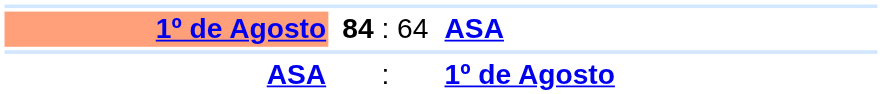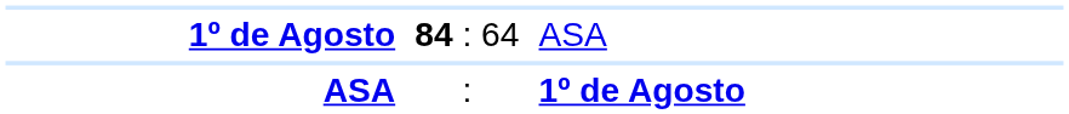 <table style="text-align:center" width=500>
 <tr>
 <th width=30%></th>
 <th width=10%></th>
 <th width=30%></th>
 <th width=10%></th>
 </tr>
 <tr align="left" bgcolor=#D0E7FF>
 <td colspan=4></td>
 </tr>
 <tr>
-<td align="right" style="background: lightsalmon;"><strong><a href='#'>1º de Agosto</a></strong></td>
+<td align="right"><strong><a href='#'>1º de Agosto</a></strong></td>
 <td><strong>84</strong> : 64</td>
-<td align=left><strong><a href='#'>ASA</a></strong></td>
+<td align=left><a href='#'>ASA</a></td>
 </tr>
 <tr align="left" bgcolor=#D0E7FF>
 <td colspan=4></td>
 </tr>
 <tr>
 <td align="right"><strong><a href='#'>ASA</a></strong></td>
 <td>:</td>
 <td align=left><strong><a href='#'>1º de Agosto</a></strong></td>
 </tr>
 </table>
